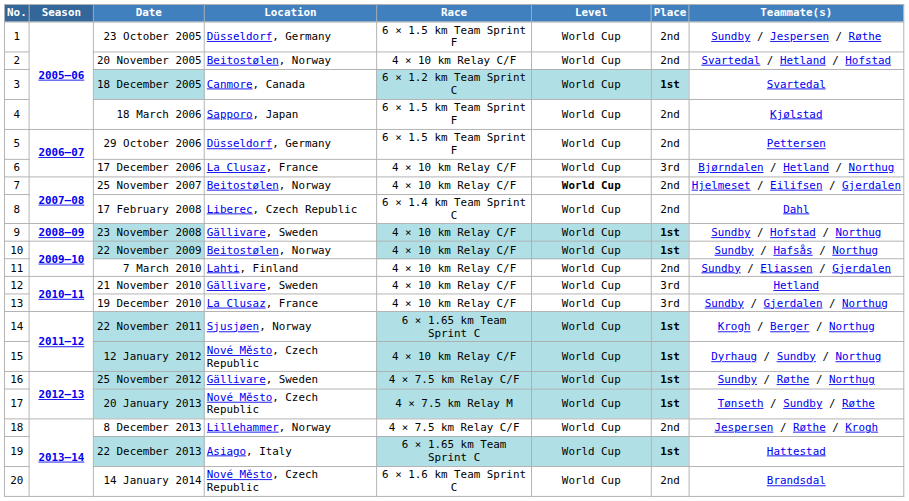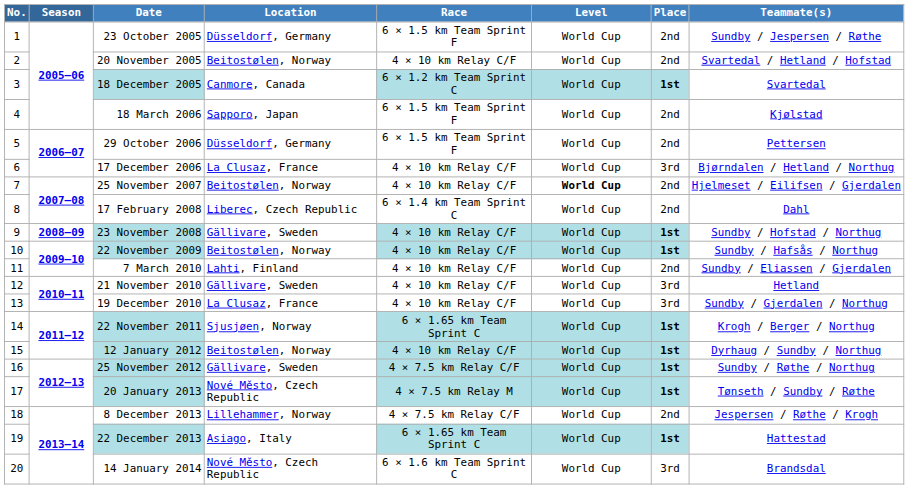 <table class="wikitable sortable" style="font-size:95%; text-align:center; border:grey solid 1px; border-collapse:collapse; background:#ffffff;">
 <tr style="background:#efefef;">
 <th style="background-color:#369; color:white;">No.</th>
 <th style="background-color:#369; color:white;">Season</th>
 <th style="background-color:#4180be; color:white; width:120px;">Date</th>
 <th style="background-color:#4180be; color:white; width:190px;">Location</th>
 <th style="background-color:#4180be; color:white; width:170px;">Race</th>
 <th style="background-color:#4180be; color:white; width:130px;">Level</th>
 <th style="background-color:#4180be; color:white;">Place</th>
 <th style="background-color:#4180be; color:white;">Teammate(s)</th>
 </tr>
 <tr>
 <td align=center>1</td>
 <td rowspan=4 align=center><strong> <a href='#'>2005–06</a> </strong></td>
 <td align=right>23 October 2005</td>
 <td align=left> <a href='#'>Düsseldorf</a>, Germany</td>
 <td>6 × 1.5 km Team Sprint F</td>
 <td>World Cup</td>
 <td>2nd</td>
 <td><a href='#'>Sundby</a> / <a href='#'>Jespersen</a> / <a href='#'>Røthe</a></td>
 </tr>
 <tr>
 <td align=center>2</td>
 <td align=right>20 November 2005</td>
 <td align=left> <a href='#'>Beitostølen</a>, Norway</td>
 <td>4 × 10 km Relay C/F</td>
 <td>World Cup</td>
 <td>2nd</td>
 <td><a href='#'>Svartedal</a> / <a href='#'>Hetland</a> / <a href='#'>Hofstad</a></td>
 </tr>
 <tr>
 <td align=center>3</td>
 <td bgcolor="#BOEOE6" align=right>18 December 2005</td>
 <td align=left> <a href='#'>Canmore</a>, Canada</td>
 <td bgcolor="#BOEOE6">6 × 1.2 km Team Sprint C</td>
 <td bgcolor="#BOEOE6">World Cup</td>
 <td bgcolor="#BOEOE6"><strong>1st</strong></td>
 <td><a href='#'>Svartedal</a></td>
 </tr>
 <tr>
 <td align=center>4</td>
 <td align=right>18 March 2006</td>
 <td align=left> <a href='#'>Sapporo</a>, Japan</td>
 <td>6 × 1.5 km Team Sprint F</td>
 <td>World Cup</td>
 <td>2nd</td>
 <td><a href='#'>Kjølstad</a></td>
 </tr>
 <tr>
 <td align=center>5</td>
 <td rowspan=2 align=center><strong> <a href='#'>2006–07</a> </strong></td>
 <td align=right>29 October 2006</td>
 <td align=left> <a href='#'>Düsseldorf</a>, Germany</td>
 <td>6 × 1.5 km Team Sprint F</td>
 <td>World Cup</td>
 <td>2nd</td>
 <td><a href='#'>Pettersen</a></td>
 </tr>
 <tr>
 <td align=center>6</td>
 <td align=right>17 December 2006</td>
 <td align=left> <a href='#'>La Clusaz</a>, France</td>
 <td>4 × 10 km Relay C/F</td>
 <td>World Cup</td>
 <td>3rd</td>
 <td><a href='#'>Bjørndalen</a> / <a href='#'>Hetland</a> / <a href='#'>Northug</a></td>
 </tr>
 <tr>
 <td align=center>7</td>
 <td rowspan=2 align=center><strong> <a href='#'>2007–08</a> </strong></td>
 <td align=right>25 November 2007</td>
 <td align=left> <a href='#'>Beitostølen</a>, Norway</td>
 <td>4 × 10 km Relay C/F</td>
 <td><strong>World Cup</strong></td>
 <td>2nd</td>
 <td><a href='#'>Hjelmeset</a> / <a href='#'>Eilifsen</a> / <a href='#'>Gjerdalen</a></td>
 </tr>
 <tr>
 <td align=center>8</td>
 <td align=right>17 February 2008</td>
 <td align=left> <a href='#'>Liberec</a>, Czech Republic</td>
 <td>6 × 1.4 km Team Sprint C</td>
 <td>World Cup</td>
 <td>2nd</td>
 <td><a href='#'>Dahl</a></td>
 </tr>
 <tr>
 <td align=center>9</td>
 <td rowspan=1 align=center><strong><a href='#'>2008–09</a></strong></td>
 <td bgcolor="#BOEOE6" align=right>23 November 2008</td>
 <td align=left> <a href='#'>Gällivare</a>, Sweden</td>
 <td bgcolor="#BOEOE6">4 × 10 km Relay C/F</td>
 <td bgcolor="#BOEOE6">World Cup</td>
 <td bgcolor="#BOEOE6"><strong>1st</strong></td>
 <td><a href='#'>Sundby</a> / <a href='#'>Hofstad</a> / <a href='#'>Northug</a></td>
 </tr>
 <tr>
 <td align=center>10</td>
 <td rowspan=2 align=center><strong><a href='#'>2009–10</a></strong></td>
 <td bgcolor="#BOEOE6" align=right>22 November 2009</td>
 <td align=left> <a href='#'>Beitostølen</a>, Norway</td>
 <td bgcolor="#BOEOE6">4 × 10 km Relay C/F</td>
 <td bgcolor="#BOEOE6">World Cup</td>
 <td bgcolor="#BOEOE6"><strong>1st</strong></td>
 <td><a href='#'>Sundby</a> / <a href='#'>Hafsås</a> / <a href='#'>Northug</a></td>
 </tr>
 <tr>
 <td align=center>11</td>
 <td align=right>7 March 2010</td>
 <td align=left> <a href='#'>Lahti</a>, Finland</td>
 <td>4 × 10 km Relay C/F</td>
 <td>World Cup</td>
 <td>2nd</td>
 <td><a href='#'>Sundby</a> / <a href='#'>Eliassen</a> / <a href='#'>Gjerdalen</a></td>
 </tr>
 <tr>
 <td align=center>12</td>
 <td rowspan=2 align=center><strong> <a href='#'>2010–11</a> </strong></td>
 <td align=right>21 November 2010</td>
 <td align=left> <a href='#'>Gällivare</a>, Sweden</td>
 <td>4 × 10 km Relay C/F</td>
 <td>World Cup</td>
 <td>3rd</td>
 <td><a href='#'>Hetland</a></td>
 </tr>
 <tr>
 <td align=center>13</td>
 <td align=right>19 December 2010</td>
 <td align=left> <a href='#'>La Clusaz</a>, France</td>
 <td>4 × 10 km Relay C/F</td>
 <td>World Cup</td>
 <td>3rd</td>
 <td><a href='#'>Sundby</a> / <a href='#'>Gjerdalen</a> / <a href='#'>Northug</a></td>
 </tr>
 <tr>
 <td align=center>14</td>
 <td rowspan=2 align=center><strong><a href='#'>2011–12</a></strong></td>
 <td bgcolor="#BOEOE6" align=right>22 November 2011</td>
 <td align=left> <a href='#'>Sjusjøen</a>, Norway</td>
 <td bgcolor="#BOEOE6">6 × 1.65 km Team Sprint C</td>
 <td bgcolor="#BOEOE6">World Cup</td>
 <td bgcolor="#BOEOE6"><strong>1st</strong></td>
 <td><a href='#'>Krogh</a> / <a href='#'>Berger</a> / <a href='#'>Northug</a></td>
 </tr>
 <tr>
 <td align=center>15</td>
 <td bgcolor="#BOEOE6" align=right>12 January 2012</td>
-<td align=left> <a href='#'>Nové Město</a>, Czech Republic</td>
+<td align=left> <a href='#'>Beitostølen</a>, Norway</td>
 <td bgcolor="#BOEOE6">4 × 10 km Relay C/F</td>
 <td bgcolor="#BOEOE6">World Cup</td>
 <td bgcolor="#BOEOE6"><strong>1st</strong></td>
 <td><a href='#'>Dyrhaug</a> / <a href='#'>Sundby</a> / <a href='#'>Northug</a></td>
 </tr>
 <tr>
 <td align=center>16</td>
 <td rowspan=2 align=center><strong><a href='#'>2012–13</a></strong></td>
 <td bgcolor="#BOEOE6" align=right>25 November 2012</td>
 <td align=left> <a href='#'>Gällivare</a>, Sweden</td>
 <td bgcolor="#BOEOE6">4 × 7.5 km Relay C/F</td>
 <td bgcolor="#BOEOE6">World Cup</td>
 <td bgcolor="#BOEOE6"><strong>1st</strong></td>
 <td><a href='#'>Sundby</a> / <a href='#'>Røthe</a> / <a href='#'>Northug</a></td>
 </tr>
 <tr>
 <td align=center>17</td>
 <td bgcolor="#BOEOE6" align=right>20 January 2013</td>
 <td align=left> <a href='#'>Nové Město</a>, Czech Republic</td>
 <td bgcolor="#BOEOE6">4 × 7.5 km Relay M</td>
 <td bgcolor="#BOEOE6">World Cup</td>
 <td bgcolor="#BOEOE6"><strong>1st</strong></td>
 <td><a href='#'>Tønseth</a> / <a href='#'>Sundby</a> / <a href='#'>Røthe</a></td>
 </tr>
 <tr>
 <td align=center>18</td>
 <td rowspan=3 align=center><strong> <a href='#'>2013–14</a> </strong></td>
 <td align=right>8 December 2013</td>
 <td align=left> <a href='#'>Lillehammer</a>, Norway</td>
 <td>4 × 7.5 km Relay C/F</td>
 <td>World Cup</td>
 <td>2nd</td>
 <td><a href='#'>Jespersen</a> / <a href='#'>Røthe</a> / <a href='#'>Krogh</a></td>
 </tr>
 <tr>
 <td align=center>19</td>
 <td bgcolor="#BOEOE6" align=right>22 December 2013</td>
 <td align=left> <a href='#'>Asiago</a>, Italy</td>
 <td bgcolor="#BOEOE6">6 × 1.65 km Team Sprint C</td>
 <td bgcolor="#BOEOE6">World Cup</td>
 <td bgcolor="#BOEOE6"><strong>1st</strong></td>
 <td><a href='#'>Hattestad</a></td>
 </tr>
 <tr>
 <td align=center>20</td>
 <td align=right>14 January 2014</td>
 <td align=left> <a href='#'>Nové Město</a>, Czech Republic</td>
 <td>6 × 1.6 km Team Sprint C</td>
 <td>World Cup</td>
-<td>2nd</td>
+<td>3rd</td>
 <td><a href='#'>Brandsdal</a></td>
 </tr>
 </table>
